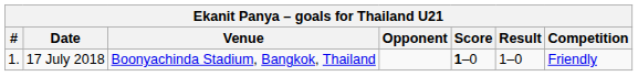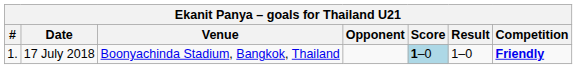 <table class="wikitable" style="font-size:90%;">
 <tr>
 <th colspan="8"><strong>Ekanit Panya – goals for Thailand U21</strong></th>
 </tr>
 <tr>
 <th>#</th>
 <th>Date</th>
 <th>Venue</th>
 <th>Opponent</th>
 <th>Score</th>
 <th>Result</th>
 <th>Competition</th>
 </tr>
 <tr>
 <td>1.</td>
 <td>17 July 2018</td>
 <td><a href='#'>Boonyachinda Stadium</a>, <a href='#'>Bangkok</a>, <a href='#'>Thailand</a></td>
 <td></td>
-<td><strong>1</strong>–0</td>
+<td style="background: lightblue;"><strong>1</strong>–0</td>
 <td>1–0</td>
-<td><a href='#'>Friendly</a></td>
+<td><strong><a href='#'>Friendly</a></strong></td>
 </tr>
 </table>
